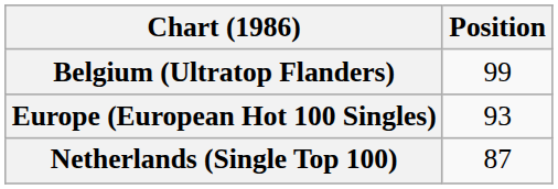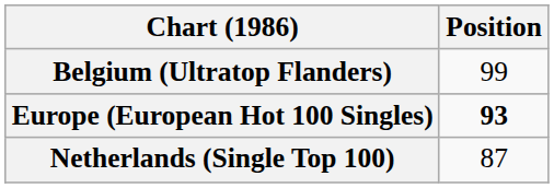 <table class="wikitable sortable plainrowheaders" style="text-align:center">
 <tr>
 <th scope="col">Chart (1986)</th>
 <th scope="col">Position</th>
 </tr>
 <tr>
 <th scope="row">Belgium (Ultratop Flanders)</th>
 <td>99</td>
 </tr>
 <tr>
 <th scope="row">Europe (European Hot 100 Singles)</th>
-<td>93</td>
+<td><strong>93</strong></td>
 </tr>
 <tr>
 <th scope="row">Netherlands (Single Top 100)</th>
 <td>87</td>
 </tr>
 </table>
